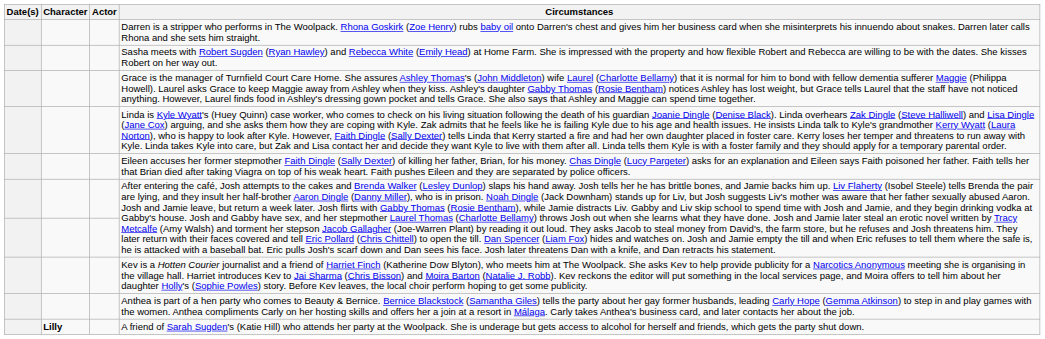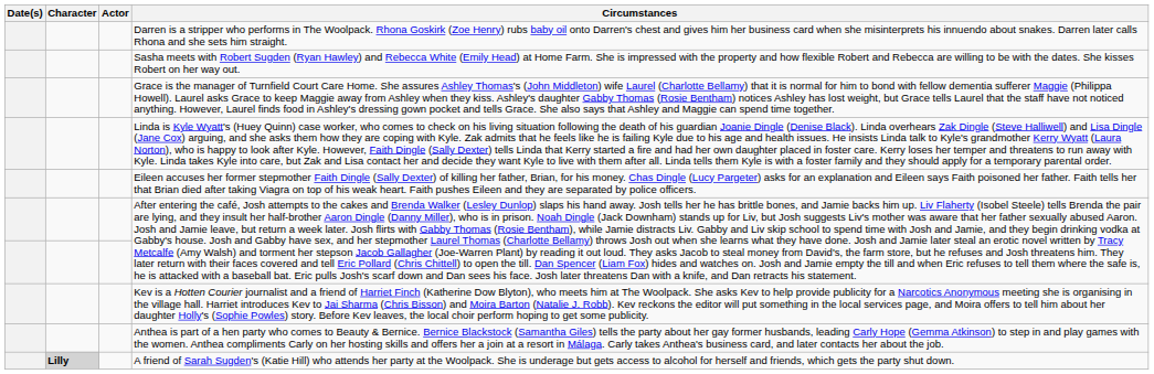 <table class="wikitable plainrowheaders" style="font-size:90%">
 <tr>
 <th scope="col">Date(s)</th>
 <th scope="col">Character</th>
 <th scope="col">Actor</th>
 <th scope="col">Circumstances</th>
 </tr>
 <tr>
 <th scope="row"></th>
 <td></td>
 <td></td>
 <td>Darren is a stripper who performs in The Woolpack. <a href='#'>Rhona Goskirk</a> (<a href='#'>Zoe Henry</a>) rubs <a href='#'>baby oil</a> onto Darren's chest and gives him her business card when she misinterprets his innuendo about snakes. Darren later calls Rhona and she sets him straight.</td>
 </tr>
 <tr>
 <th scope="row"></th>
 <td></td>
 <td></td>
 <td>Sasha meets with <a href='#'>Robert Sugden</a> (<a href='#'>Ryan Hawley</a>) and <a href='#'>Rebecca White</a> (<a href='#'>Emily Head</a>) at Home Farm. She is impressed with the property and how flexible Robert and Rebecca are willing to be with the dates. She kisses Robert on her way out.</td>
 </tr>
 <tr>
 <th scope="row"></th>
 <td></td>
 <td></td>
 <td>Grace is the manager of Turnfield Court Care Home. She assures <a href='#'>Ashley Thomas</a>'s (<a href='#'>John Middleton</a>) wife <a href='#'>Laurel</a> (<a href='#'>Charlotte Bellamy</a>) that it is normal for him to bond with fellow dementia sufferer <a href='#'>Maggie</a> (Philippa Howell). Laurel asks Grace to keep Maggie away from Ashley when they kiss. Ashley's daughter <a href='#'>Gabby Thomas</a> (<a href='#'>Rosie Bentham</a>) notices Ashley has lost weight, but Grace tells Laurel that the staff have not noticed anything. However, Laurel finds food in Ashley's dressing gown pocket and tells Grace. She also says that Ashley and Maggie can spend time together.</td>
 </tr>
 <tr>
 <th scope="row"></th>
 <td></td>
 <td></td>
 <td>Linda is <a href='#'>Kyle Wyatt</a>'s (Huey Quinn) case worker, who comes to check on his living situation following the death of his guardian <a href='#'>Joanie Dingle</a> (<a href='#'>Denise Black</a>). Linda overhears <a href='#'>Zak Dingle</a> (<a href='#'>Steve Halliwell</a>) and <a href='#'>Lisa Dingle</a> (<a href='#'>Jane Cox</a>) arguing, and she asks them how they are coping with Kyle. Zak admits that he feels like he is failing Kyle due to his age and health issues. He insists Linda talk to Kyle's grandmother <a href='#'>Kerry Wyatt</a> (<a href='#'>Laura Norton</a>), who is happy to look after Kyle. However, <a href='#'>Faith Dingle</a> (<a href='#'>Sally Dexter</a>) tells Linda that Kerry started a fire and had her own daughter placed in foster care. Kerry loses her temper and threatens to run away with Kyle. Linda takes Kyle into care, but Zak and Lisa contact her and decide they want Kyle to live with them after all. Linda tells them Kyle is with a foster family and they should apply for a temporary parental order.</td>
 </tr>
 <tr>
 <th scope="row"></th>
 <td></td>
 <td></td>
 <td>Eileen accuses her former stepmother <a href='#'>Faith Dingle</a> (<a href='#'>Sally Dexter</a>) of killing her father, Brian, for his money. <a href='#'>Chas Dingle</a> (<a href='#'>Lucy Pargeter</a>) asks for an explanation and Eileen says Faith poisoned her father. Faith tells her that Brian died after taking Viagra on top of his weak heart. Faith pushes Eileen and they are separated by police officers.</td>
 </tr>
 <tr>
 <th scope="row"></th>
 <td></td>
 <td></td>
 <td rowspan="2">After entering the café, Josh attempts to the cakes and <a href='#'>Brenda Walker</a> (<a href='#'>Lesley Dunlop</a>) slaps his hand away. Josh tells her he has brittle bones, and Jamie backs him up. <a href='#'>Liv Flaherty</a> (Isobel Steele) tells Brenda the pair are lying, and they insult her half-brother <a href='#'>Aaron Dingle</a> (<a href='#'>Danny Miller</a>), who is in prison. <a href='#'>Noah Dingle</a> (Jack Downham) stands up for Liv, but Josh suggests Liv's mother was aware that her father sexually abused Aaron. Josh and Jamie leave, but return a week later. Josh flirts with <a href='#'>Gabby Thomas</a> (<a href='#'>Rosie Bentham</a>), while Jamie distracts Liv. Gabby and Liv skip school to spend time with Josh and Jamie, and they begin drinking vodka at Gabby's house. Josh and Gabby have sex, and her stepmother <a href='#'>Laurel Thomas</a> (<a href='#'>Charlotte Bellamy</a>) throws Josh out when she learns what they have done. Josh and Jamie later steal an erotic novel written by <a href='#'>Tracy Metcalfe</a> (Amy Walsh) and torment her stepson <a href='#'>Jacob Gallagher</a> (Joe-Warren Plant) by reading it out loud. They asks Jacob to steal money from David's, the farm store, but he refuses and Josh threatens him. They later return with their faces covered and tell <a href='#'>Eric Pollard</a> (<a href='#'>Chris Chittell</a>) to open the till. <a href='#'>Dan Spencer</a> (<a href='#'>Liam Fox</a>) hides and watches on. Josh and Jamie empty the till and when Eric refuses to tell them where the safe is, he is attacked with a baseball bat. Eric pulls Josh's scarf down and Dan sees his face. Josh later threatens Dan with a knife, and Dan retracts his statement.</td>
 </tr>
 <tr>
 <th scope="row"></th>
 <td></td>
 <td></td>
 </tr>
 <tr>
 <th scope="row"></th>
 <td></td>
 <td></td>
 <td>Kev is a <em>Hotten Courier</em> journalist and a friend of <a href='#'>Harriet Finch</a> (Katherine Dow Blyton), who meets him at The Woolpack. She asks Kev to help provide publicity for a <a href='#'>Narcotics Anonymous</a> meeting she is organising in the village hall. Harriet introduces Kev to <a href='#'>Jai Sharma</a> (<a href='#'>Chris Bisson</a>) and <a href='#'>Moira Barton</a> (<a href='#'>Natalie J. Robb</a>). Kev reckons the editor will put something in the local services page, and Moira offers to tell him about her daughter <a href='#'>Holly</a>'s (<a href='#'>Sophie Powles</a>) story. Before Kev leaves, the local choir perform hoping to get some publicity.</td>
 </tr>
 <tr>
 <th scope="row"></th>
 <td></td>
 <td></td>
 <td>Anthea is part of a hen party who comes to Beauty & Bernice. <a href='#'>Bernice Blackstock</a> (<a href='#'>Samantha Giles</a>) tells the party about her gay former husbands, leading <a href='#'>Carly Hope</a> (<a href='#'>Gemma Atkinson</a>) to step in and play games with the women. Anthea compliments Carly on her hosting skills and offers her a join at a resort in <a href='#'>Málaga</a>. Carly takes Anthea's business card, and later contacts her about the job.</td>
 </tr>
 <tr>
 <th scope="row"></th>
-<td><strong>Lilly</strong> </td>
+<td style="background: lightgrey;"><strong>Lilly</strong> </td>
 <td></td>
 <td>A friend of <a href='#'>Sarah Sugden</a>'s (Katie Hill) who attends her party at the Woolpack. She is underage but gets access to alcohol for herself and friends, which gets the party shut down.</td>
 </tr>
 </table>
